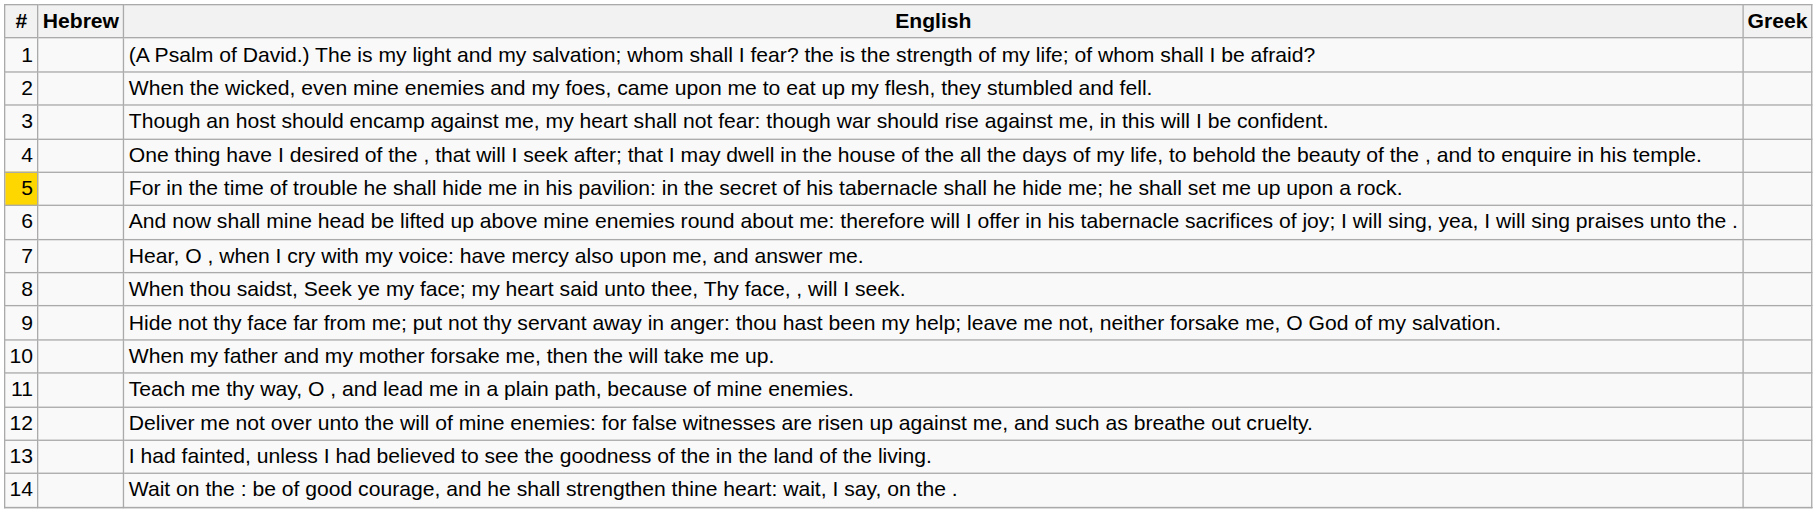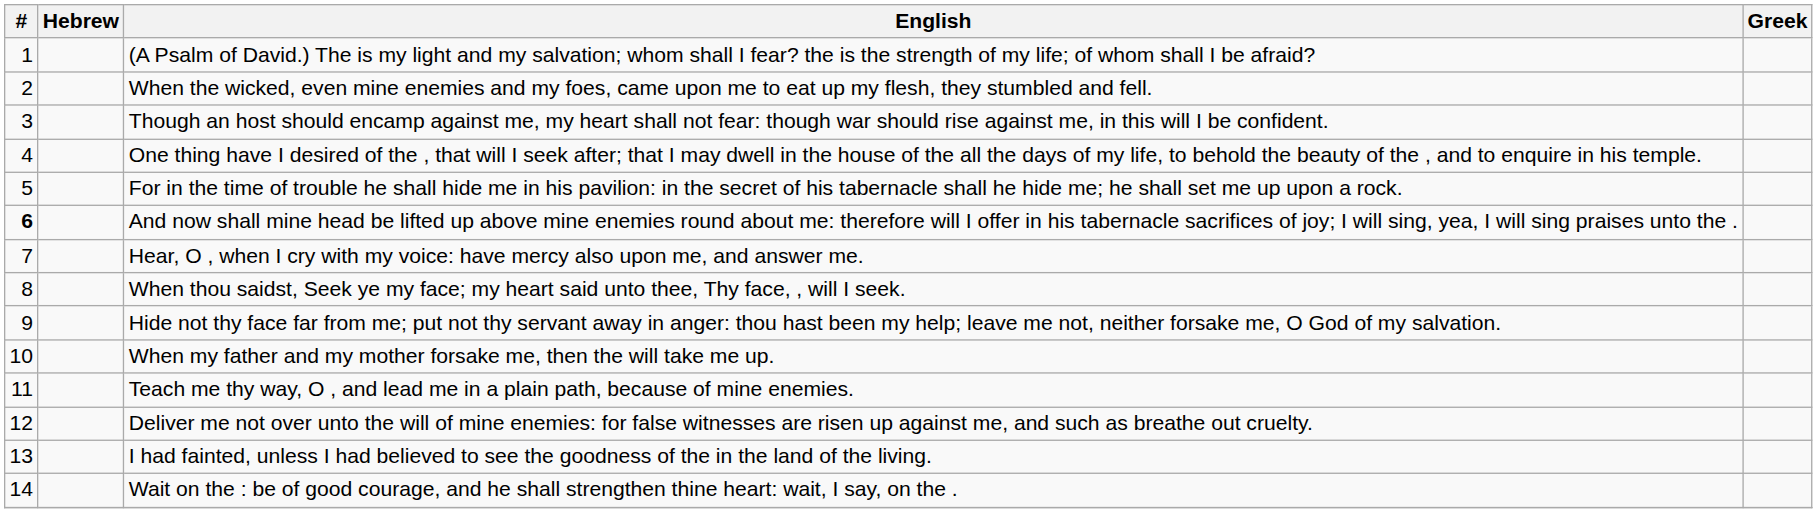 <table class=wikitable>
 <tr>
 <th>#</th>
 <th>Hebrew</th>
 <th>English</th>
 <th>Greek</th>
 </tr>
 <tr>
 <td style="text-align:right">1</td>
 <td style="text-align:right"></td>
 <td>(A Psalm of David.) The  is my light and my salvation; whom shall I fear? the  is the strength of my life; of whom shall I be afraid?</td>
 <td></td>
 </tr>
 <tr>
 <td style="text-align:right">2</td>
 <td style="text-align:right"></td>
 <td>When the wicked, even mine enemies and my foes, came upon me to eat up my flesh, they stumbled and fell.</td>
 <td></td>
 </tr>
 <tr>
 <td style="text-align:right">3</td>
 <td style="text-align:right"></td>
 <td>Though an host should encamp against me, my heart shall not fear: though war should rise against me, in this will I be confident.</td>
 <td></td>
 </tr>
 <tr>
 <td style="text-align:right">4</td>
 <td style="text-align:right"></td>
 <td>One thing have I desired of the , that will I seek after; that I may dwell in the house of the  all the days of my life, to behold the beauty of the , and to enquire in his temple.</td>
 <td></td>
 </tr>
 <tr>
-<td style="background: gold; text-align:right">5</td>
+<td style="text-align:right">5</td>
 <td style="text-align:right"></td>
 <td>For in the time of trouble he shall hide me in his pavilion: in the secret of his tabernacle shall he hide me; he shall set me up upon a rock.</td>
 <td></td>
 </tr>
 <tr>
-<td style="text-align:right">6</td>
+<td style="text-align:right"><strong>6</strong></td>
 <td style="text-align:right"></td>
 <td>And now shall mine head be lifted up above mine enemies round about me: therefore will I offer in his tabernacle sacrifices of joy; I will sing, yea, I will sing praises unto the .</td>
 <td></td>
 </tr>
 <tr>
 <td style="text-align:right">7</td>
 <td style="text-align:right"></td>
 <td>Hear, O , when I cry with my voice: have mercy also upon me, and answer me.</td>
 <td></td>
 </tr>
 <tr>
 <td style="text-align:right">8</td>
 <td style="text-align:right"></td>
 <td>When thou saidst, Seek ye my face; my heart said unto thee, Thy face, , will I seek.</td>
 <td></td>
 </tr>
 <tr>
 <td style="text-align:right">9</td>
 <td style="text-align:right"></td>
 <td>Hide not thy face far from me; put not thy servant away in anger: thou hast been my help; leave me not, neither forsake me, O God of my salvation.</td>
 <td></td>
 </tr>
 <tr>
 <td style="text-align:right">10</td>
 <td style="text-align:right"></td>
 <td>When my father and my mother forsake me, then the  will take me up.</td>
 <td></td>
 </tr>
 <tr>
 <td style="text-align:right">11</td>
 <td style="text-align:right"></td>
 <td>Teach me thy way, O , and lead me in a plain path, because of mine enemies.</td>
 <td></td>
 </tr>
 <tr>
 <td style="text-align:right">12</td>
 <td style="text-align:right"></td>
 <td>Deliver me not over unto the will of mine enemies: for false witnesses are risen up against me, and such as breathe out cruelty.</td>
 <td></td>
 </tr>
 <tr>
 <td style="text-align:right">13</td>
 <td style="text-align:right"></td>
 <td>I had fainted, unless I had believed to see the goodness of the  in the land of the living.</td>
 <td></td>
 </tr>
 <tr>
 <td style="text-align:right">14</td>
 <td style="text-align:right"></td>
 <td>Wait on the : be of good courage, and he shall strengthen thine heart: wait, I say, on the .</td>
 <td></td>
 </tr>
 <tr>
 </tr>
 </table>
